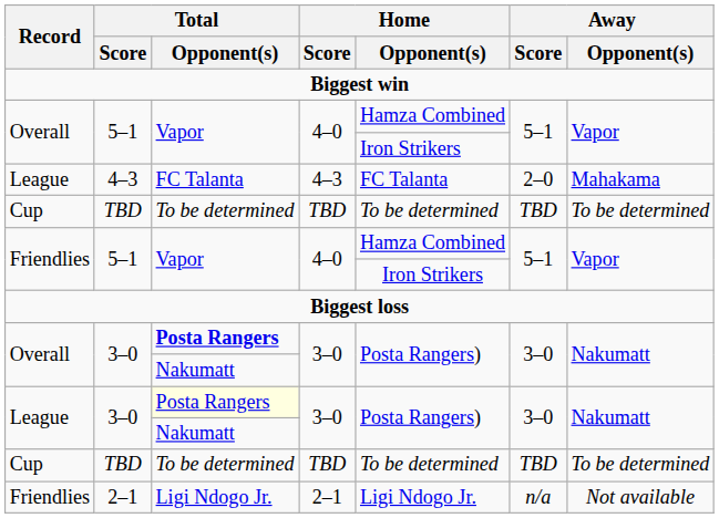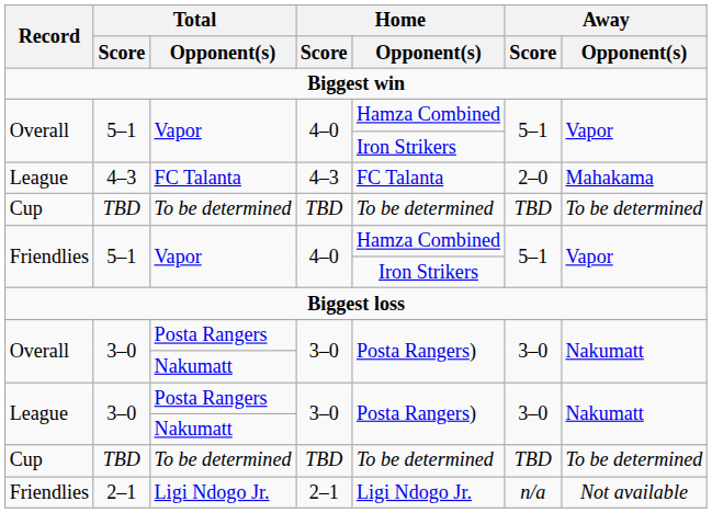 <table class="wikitable sortable" style="text-align: center;">
 <tr>
 <th rowspan=2>Record</th>
 <th colspan=2>Total</th>
 <th colspan=2> Home</th>
 <th colspan=2> Away</th>
 </tr>
 <tr>
 <th>Score</th>
 <th>Opponent(s)</th>
 <th>Score</th>
 <th>Opponent(s)</th>
 <th>Score</th>
 <th>Opponent(s)</th>
 </tr>
 <tr>
 <td align=center colspan=7><strong>Biggest win</strong></td>
 </tr>
 <tr>
 <td rowspan=2 align=left>Overall</td>
 <td rowspan=2>5–1</td>
 <td rowspan=2 align=left><a href='#'>Vapor</a></td>
 <td rowspan=2>4–0</td>
 <td align=left><a href='#'>Hamza Combined</a></td>
 <td rowspan=2>5–1</td>
 <td rowspan=2 align=left><a href='#'>Vapor</a></td>
 </tr>
 <tr>
 <td align=left><a href='#'>Iron Strikers</a></td>
 </tr>
 <tr>
 <td align=left>League</td>
 <td>4–3</td>
 <td align=left><a href='#'>FC Talanta</a></td>
 <td>4–3</td>
 <td align=left><a href='#'>FC Talanta</a></td>
 <td>2–0</td>
 <td align=left><a href='#'>Mahakama</a></td>
 </tr>
 <tr>
 <td align=left>Cup</td>
 <td><em>TBD</em></td>
 <td align=left><em>To be determined</em></td>
 <td><em>TBD</em></td>
 <td align=left><em>To be determined</em></td>
 <td><em>TBD</em></td>
 <td align=left><em>To be determined</em></td>
 </tr>
 <tr>
 <td rowspan=2 align=left>Friendlies</td>
 <td rowspan=2>5–1</td>
 <td rowspan=2 align=left><a href='#'>Vapor</a></td>
 <td rowspan=2>4–0</td>
 <td align=left><a href='#'>Hamza Combined</a></td>
 <td rowspan=2>5–1</td>
 <td rowspan=2 align=left><a href='#'>Vapor</a></td>
 </tr>
 <tr>
 <td><a href='#'>Iron Strikers</a></td>
 </tr>
 <tr>
 <td align=center colspan=7><strong>Biggest loss</strong></td>
 </tr>
 <tr>
 <td rowspan=2 align=left>Overall</td>
 <td rowspan=2>3–0</td>
-<td align=left><strong><a href='#'>Posta Rangers</a></strong></td>
+<td align=left><a href='#'>Posta Rangers</a></td>
 <td rowspan=2>3–0</td>
 <td rowspan=2 align=left><a href='#'>Posta Rangers</a>)</td>
 <td rowspan=2>3–0</td>
 <td rowspan=2 align=left><a href='#'>Nakumatt</a></td>
 </tr>
 <tr>
 <td align=left><a href='#'>Nakumatt</a></td>
 </tr>
 <tr>
 <td rowspan=2 align=left>League</td>
 <td rowspan=2>3–0</td>
-<td align=left style="background: lightyellow;"><a href='#'>Posta Rangers</a></td>
+<td align=left><a href='#'>Posta Rangers</a></td>
 <td rowspan=2>3–0</td>
 <td rowspan=2 align=left><a href='#'>Posta Rangers</a>)</td>
 <td rowspan=2>3–0</td>
 <td rowspan=2 align=left><a href='#'>Nakumatt</a></td>
 </tr>
 <tr>
 <td align=left><a href='#'>Nakumatt</a></td>
 </tr>
 <tr>
 <td align=left>Cup</td>
 <td><em>TBD</em></td>
 <td align=left><em>To be determined</em></td>
 <td><em>TBD</em></td>
 <td align=left><em>To be determined</em></td>
 <td><em>TBD</em></td>
 <td align=left><em>To be determined</em></td>
 </tr>
 <tr>
 <td align=left>Friendlies</td>
 <td>2–1</td>
 <td align=left><a href='#'>Ligi Ndogo Jr.</a></td>
 <td>2–1</td>
 <td align=left><a href='#'>Ligi Ndogo Jr.</a></td>
 <td><em>n/a</em></td>
 <td><em>Not available</em></td>
 </tr>
 </table>
